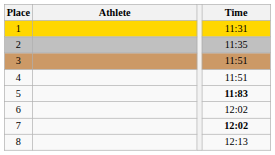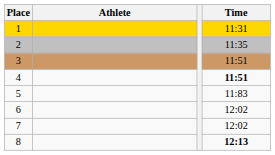 <table class="wikitable" style="text-align:center">
 <tr>
 <th>Place</th>
 <th width=250>Athlete</th>
 <th rowspan=27></th>
 <th width=100>Time</th>
 </tr>
 <tr bgcolor=gold>
 <td>1</td>
 <td align=left></td>
 <td>11:31</td>
 </tr>
 <tr bgcolor=silver>
 <td>2</td>
 <td align=left></td>
 <td>11:35</td>
 </tr>
 <tr bgcolor=cc9966>
 <td>3</td>
 <td align=left></td>
 <td>11:51</td>
 </tr>
 <tr>
 <td>4</td>
 <td align=left></td>
-<td>11:51</td>
+<td><strong>11:51</strong></td>
 </tr>
 <tr>
 <td>5</td>
 <td align=left></td>
-<td><strong>11:83</strong></td>
+<td>11:83</td>
 </tr>
 <tr>
 <td>6</td>
 <td align=left></td>
 <td>12:02</td>
 </tr>
 <tr>
 <td>7</td>
 <td align=left></td>
-<td><strong>12:02</strong></td>
+<td>12:02</td>
 </tr>
 <tr>
 <td>8</td>
 <td align=left></td>
-<td>12:13</td>
+<td><strong>12:13</strong></td>
 </tr>
 </table>
